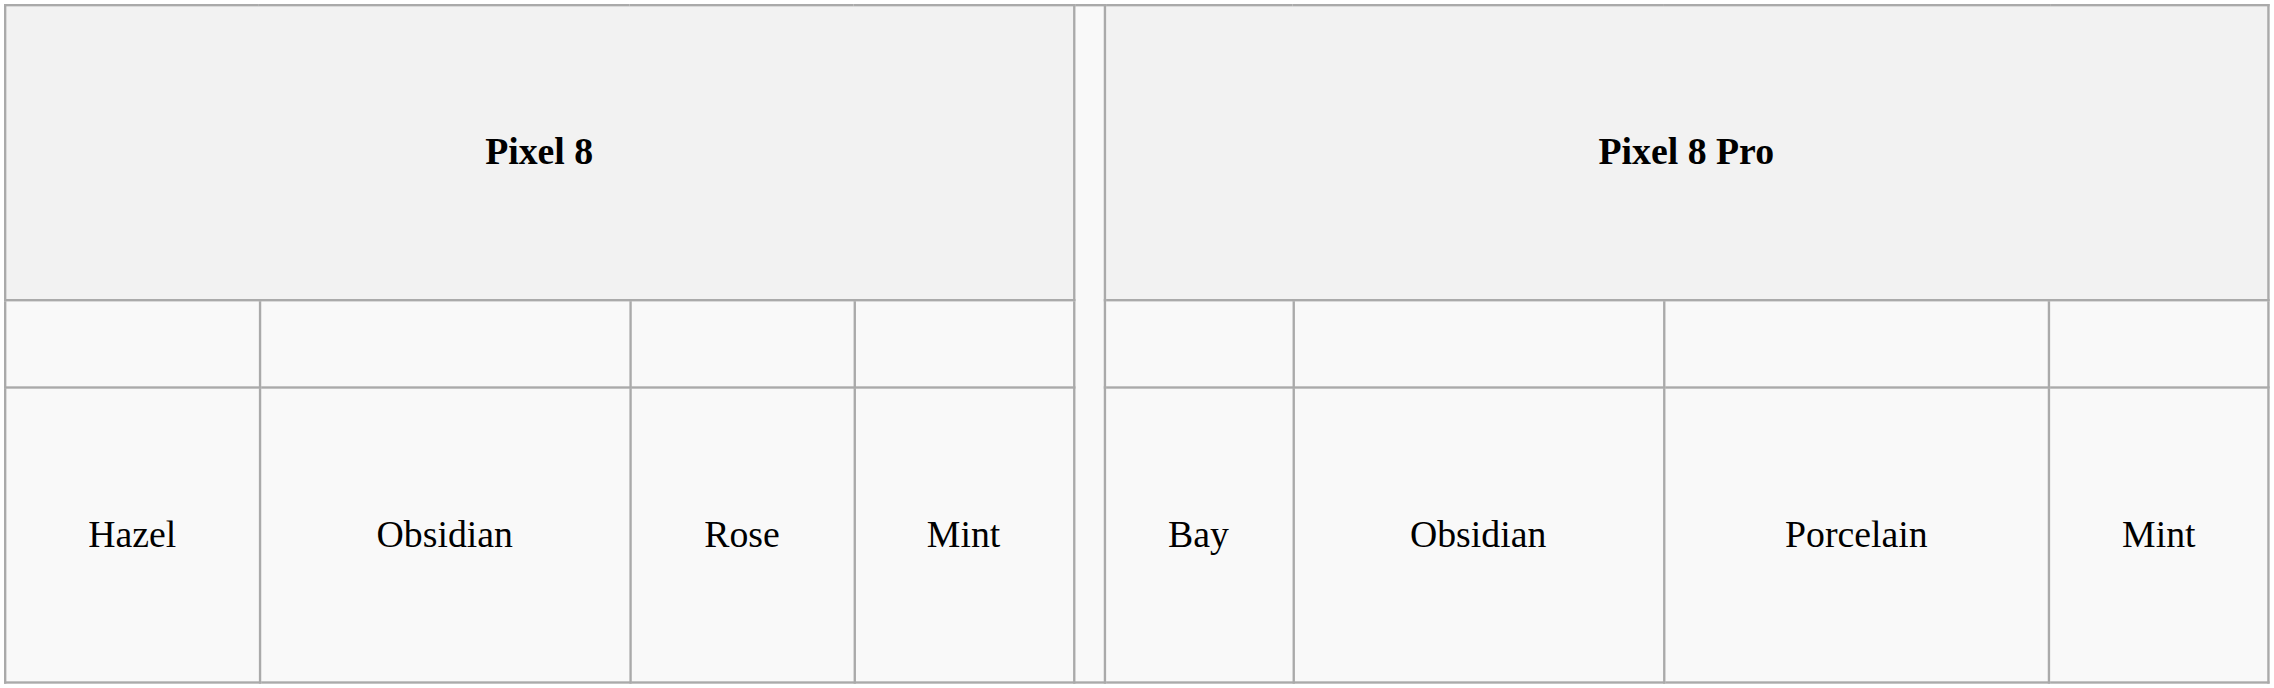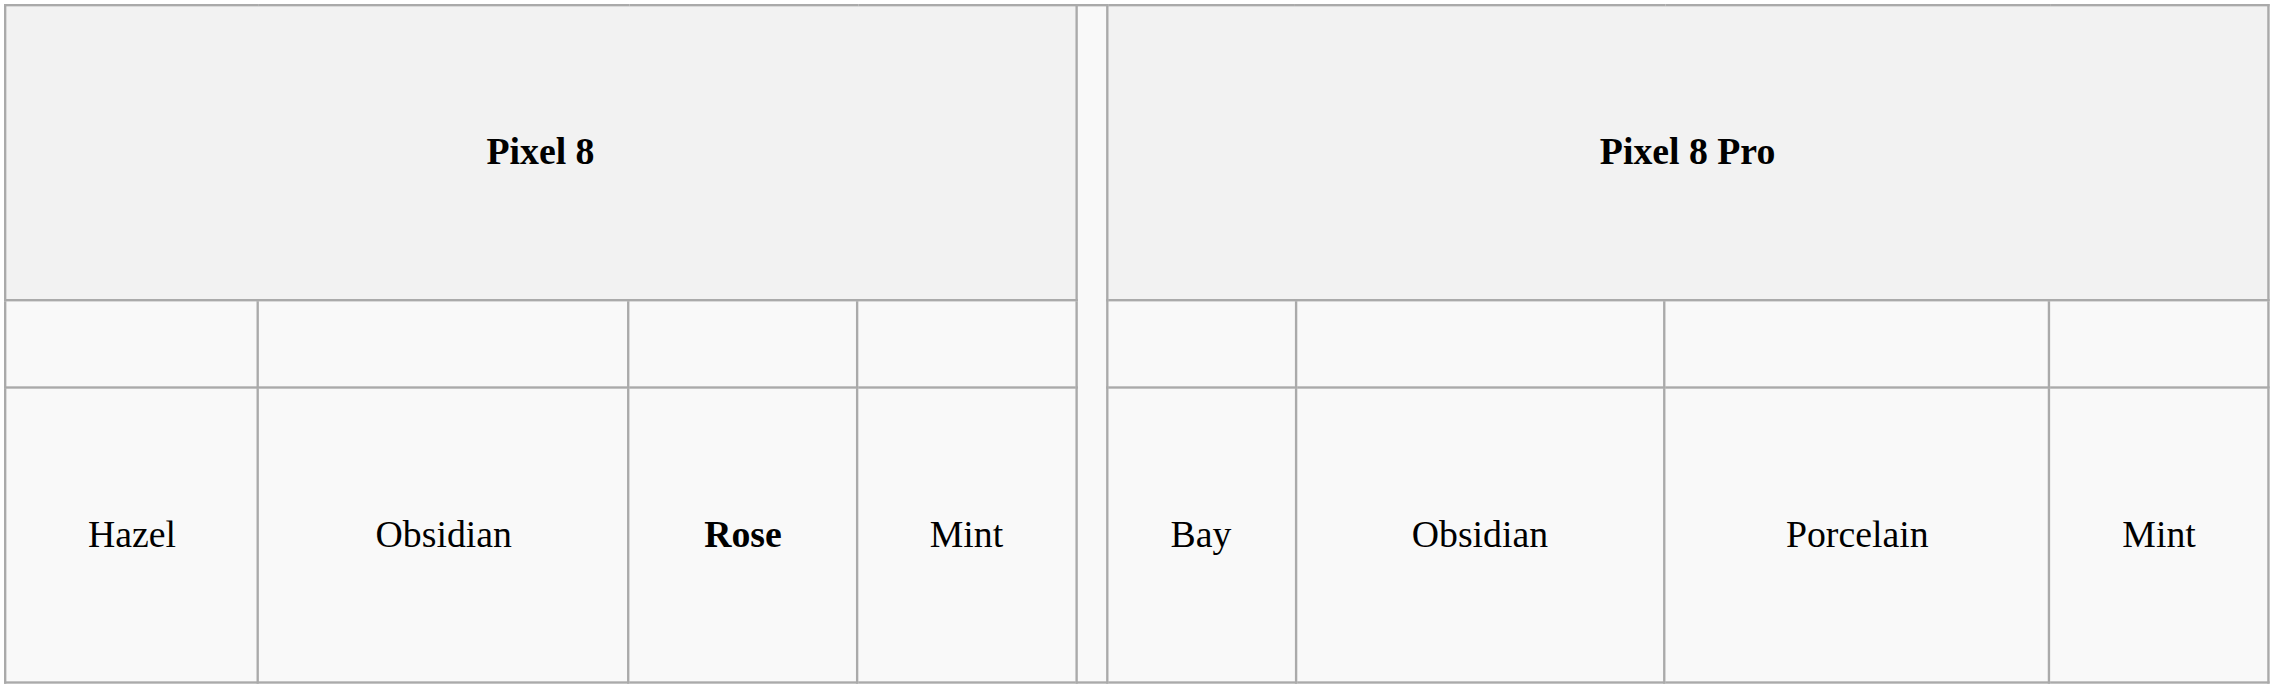 <table class="wikitable" style="text-align: center; width:60em; height:18em;">
 <tr>
 <th colspan="4">Pixel 8</th>
 <td rowspan=3 style="font-size:70%;"></td>
 <th colspan="4">Pixel 8 Pro</th>
 </tr>
 <tr>
 <td></td>
 <td></td>
 <td></td>
 <td></td>
 <td></td>
 <td></td>
 <td></td>
 <td></td>
 </tr>
 <tr>
 <td> Hazel</td>
 <td> Obsidian</td>
-<td> Rose</td>
+<td><strong> Rose</strong></td>
 <td> Mint</td>
 <td> Bay</td>
 <td> Obsidian</td>
 <td> Porcelain</td>
 <td> Mint</td>
 </tr>
 </table>
